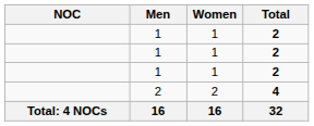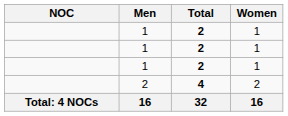 <table class="wikitable" style="text-align:center; font-size:90%">
 <tr>
 <th width=140 align="left">NOC</th>
 <th width=60>Men</th>
+<th width=70>Total</th>
 <th width=60>Women</th>
-<th width=70>Total</th>
 </tr>
 <tr>
 <td align=left></td>
 <td>1</td>
+<td><strong>2</strong></td>
 <td>1</td>
-<td><strong>2</strong></td>
 </tr>
 <tr>
 <td align=left></td>
 <td>1</td>
+<td><strong>2</strong></td>
 <td>1</td>
-<td><strong>2</strong></td>
 </tr>
 <tr>
 <td align=left></td>
 <td>1</td>
+<td><strong>2</strong></td>
 <td>1</td>
-<td><strong>2</strong></td>
 </tr>
 <tr>
 <td align=left></td>
 <td>2</td>
+<td><strong>4</strong></td>
 <td>2</td>
-<td><strong>4</strong></td>
 </tr>
 <tr>
 <th>Total: 4 NOCs</th>
 <th>16</th>
+<th>32</th>
 <th>16</th>
-<th>32</th>
 </tr>
 </table>
